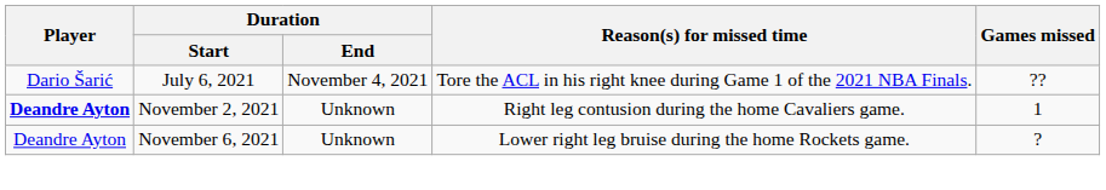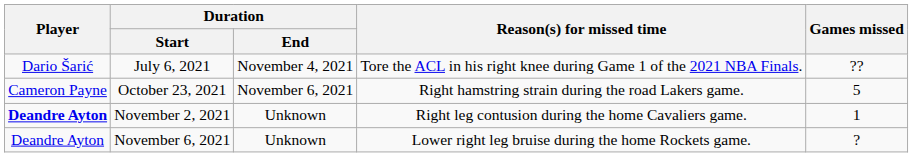 <table class="wikitable sortable collapsible" style="text-align:center;">
 <tr>
 <th rowspan="2">Player</th>
 <th colspan="2">Duration</th>
 <th rowspan="2">Reason(s) for missed time</th>
 <th rowspan="2">Games missed</th>
 </tr>
 <tr>
 <th>Start</th>
 <th>End</th>
 </tr>
 <tr>
 <td><a href='#'>Dario Šarić</a></td>
 <td>July 6, 2021</td>
 <td>November 4, 2021</td>
 <td>Tore the <a href='#'>ACL</a> in his right knee during Game 1 of the <a href='#'>2021 NBA Finals</a>.</td>
 <td>??</td>
 </tr>
 <tr>
+<td><a href='#'>Cameron Payne</a></td>
+<td>October 23, 2021</td>
+<td>November 6, 2021</td>
+<td>Right hamstring strain during the road Lakers game.</td>
+<td>5</td>
+</tr>
+<tr>
 <td><strong><a href='#'>Deandre Ayton</a></strong></td>
 <td>November 2, 2021</td>
 <td>Unknown</td>
 <td>Right leg contusion during the home Cavaliers game.</td>
 <td>1</td>
 </tr>
 <tr>
 <td><a href='#'>Deandre Ayton</a></td>
 <td>November 6, 2021</td>
 <td>Unknown</td>
 <td>Lower right leg bruise during the home Rockets game.</td>
 <td>?</td>
 </tr>
 </table>
